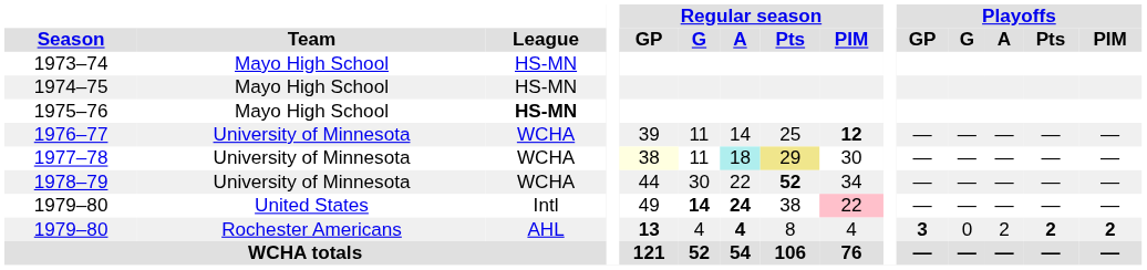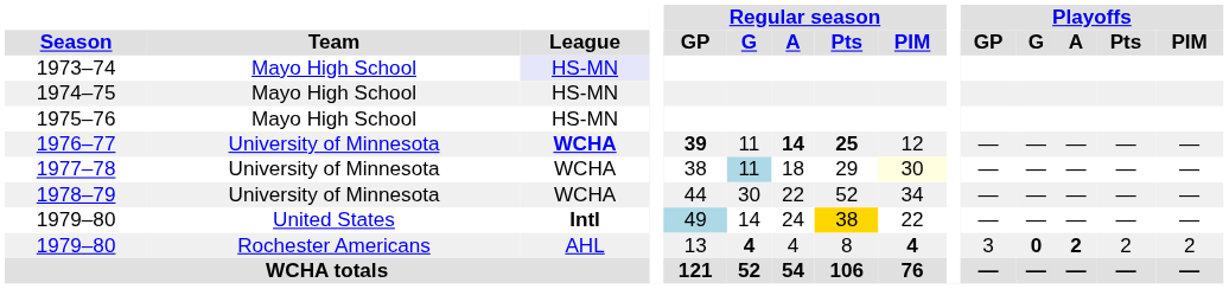 <table border="0" cellpadding="1" cellspacing="0" style="text-align:center; width:60em">
 <tr bgcolor="#e0e0e0">
 <th colspan="3" bgcolor="#ffffff"> </th>
 <th rowspan="99" bgcolor="#ffffff"> </th>
 <th colspan="5"><a href='#'>Regular season</a></th>
 <th rowspan="99" bgcolor="#ffffff"> </th>
 <th colspan="5"><a href='#'>Playoffs</a></th>
 </tr>
 <tr bgcolor="#e0e0e0">
 <th><a href='#'>Season</a></th>
 <th>Team</th>
 <th>League</th>
 <th>GP</th>
 <th><a href='#'>G</a></th>
 <th><a href='#'>A</a></th>
 <th><a href='#'>Pts</a></th>
 <th><a href='#'>PIM</a></th>
 <th>GP</th>
 <th>G</th>
 <th>A</th>
 <th>Pts</th>
 <th>PIM</th>
 </tr>
 <tr>
 <td>1973–74</td>
 <td><a href='#'>Mayo High School</a></td>
-<td><a href='#'>HS-MN</a></td>
+<td style="background: lavender;"><a href='#'>HS-MN</a></td>
 <td></td>
 <td></td>
 <td></td>
 <td></td>
 <td></td>
 <td></td>
 <td></td>
 <td></td>
 <td></td>
 <td></td>
 </tr>
 <tr bgcolor="#f0f0f0">
 <td>1974–75</td>
 <td>Mayo High School</td>
 <td>HS-MN</td>
 <td></td>
 <td></td>
 <td></td>
 <td></td>
 <td></td>
 <td></td>
 <td></td>
 <td></td>
 <td></td>
 <td></td>
 </tr>
 <tr>
 <td>1975–76</td>
 <td>Mayo High School</td>
-<td><strong>HS-MN</strong></td>
+<td>HS-MN</td>
 <td></td>
 <td></td>
 <td></td>
 <td></td>
 <td></td>
 <td></td>
 <td></td>
 <td></td>
 <td></td>
 <td></td>
 </tr>
 <tr bgcolor="#f0f0f0">
 <td><a href='#'>1976–77</a></td>
 <td><a href='#'>University of Minnesota</a></td>
-<td><a href='#'>WCHA</a></td>
-<td>39</td>
+<td><strong><a href='#'>WCHA</a></strong></td>
+<td><strong>39</strong></td>
 <td>11</td>
-<td>14</td>
-<td>25</td>
-<td><strong>12</strong></td>
+<td><strong>14</strong></td>
+<td><strong>25</strong></td>
+<td>12</td>
 <td>—</td>
 <td>—</td>
 <td>—</td>
 <td>—</td>
 <td>—</td>
 </tr>
 <tr>
 <td><a href='#'>1977–78</a></td>
 <td>University of Minnesota</td>
 <td>WCHA</td>
-<td style="background: lightyellow;">38</td>
-<td>11</td>
-<td style="background: paleturquoise;">18</td>
-<td style="background: khaki;">29</td>
-<td>30</td>
+<td>38</td>
+<td style="background: lightblue;">11</td>
+<td>18</td>
+<td>29</td>
+<td style="background: lightyellow;">30</td>
 <td>—</td>
 <td>—</td>
 <td>—</td>
 <td>—</td>
 <td>—</td>
 </tr>
 <tr bgcolor="#f0f0f0">
 <td><a href='#'>1978–79</a></td>
 <td>University of Minnesota</td>
 <td>WCHA</td>
 <td>44</td>
 <td>30</td>
 <td>22</td>
-<td><strong>52</strong></td>
+<td>52</td>
 <td>34</td>
 <td>—</td>
 <td>—</td>
 <td>—</td>
 <td>—</td>
 <td>—</td>
 </tr>
 <tr>
 <td>1979–80</td>
 <td><a href='#'>United States</a></td>
-<td>Intl</td>
-<td>49</td>
-<td><strong>14</strong></td>
-<td><strong>24</strong></td>
-<td>38</td>
-<td style="background: pink;">22</td>
+<td><strong>Intl</strong></td>
+<td style="background: lightblue;">49</td>
+<td>14</td>
+<td>24</td>
+<td style="background: gold;">38</td>
+<td>22</td>
 <td>—</td>
 <td>—</td>
 <td>—</td>
 <td>—</td>
 <td>—</td>
 </tr>
 <tr bgcolor="#f0f0f0">
 <td><a href='#'>1979–80</a></td>
 <td><a href='#'>Rochester Americans</a></td>
 <td><a href='#'>AHL</a></td>
-<td><strong>13</strong></td>
+<td>13</td>
+<td><strong>4</strong></td>
 <td>4</td>
+<td>8</td>
 <td><strong>4</strong></td>
-<td>8</td>
-<td>4</td>
-<td><strong>3</strong></td>
-<td>0</td>
+<td>3</td>
+<td><strong>0</strong></td>
+<td><strong>2</strong></td>
 <td>2</td>
-<td><strong>2</strong></td>
-<td><strong>2</strong></td>
+<td>2</td>
 </tr>
 <tr bgcolor="#e0e0e0">
 <th colspan="3">WCHA totals</th>
 <th>121</th>
 <th>52</th>
 <th>54</th>
 <th>106</th>
 <th>76</th>
 <th>—</th>
 <th>—</th>
 <th>—</th>
 <th>—</th>
 <th>—</th>
 </tr>
 </table>
